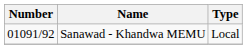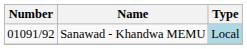 <table class="wikitable">
 <tr>
 <th>Number</th>
 <th>Name</th>
 <th>Type</th>
 </tr>
 <tr>
 <td>01091/92</td>
 <td>Sanawad - Khandwa MEMU</td>
-<td>Local</td>
+<td style="background: lightblue;">Local</td>
 </tr>
 <tr>
 </tr>
 </table>
